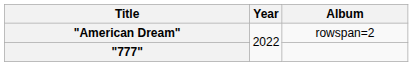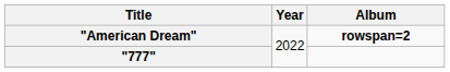 <table class="wikitable plainrowheaders" style="text-align:center;">
 <tr>
 <th rowspan="1" style="width:20em;">Title</th>
 <th rowspan="1" style="width:1em;">Year</th>
 <th rowspan="1" style="width:10em;">Album</th>
 </tr>
 <tr>
 <th scope="row">"American Dream"<br> </th>
 <td rowspan=2>2022</td>
-<td>rowspan=2 </td>
+<td><strong>rowspan=2 </strong></td>
 </tr>
 <tr>
 <th scope="row">"777"<br> </th>
 </tr>
 </table>
